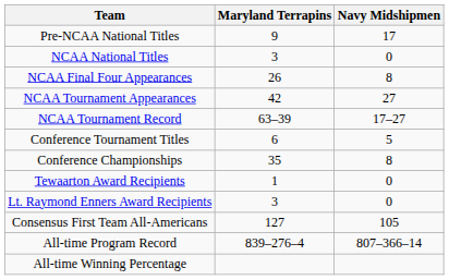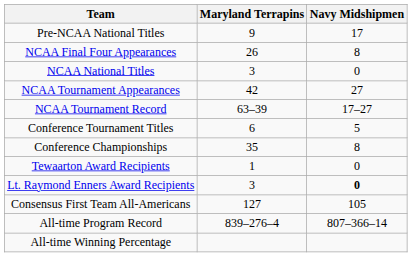 <table class="wikitable" style="text-align:center;">
 <tr>
 <th>Team</th>
 <th>Maryland Terrapins</th>
 <th>Navy Midshipmen</th>
 </tr>
 <tr>
 <td>Pre-NCAA National Titles</td>
 <td style=>9</td>
 <td>17</td>
 </tr>
 <tr>
+<td><a href='#'>NCAA Final Four Appearances</a></td>
+<td>26</td>
+<td>8</td>
+</tr>
+<tr>
 <td><a href='#'>NCAA National Titles</a></td>
 <td style=>3</td>
 <td>0</td>
-</tr>
-<tr>
-<td><a href='#'>NCAA Final Four Appearances</a></td>
-<td>26</td>
-<td>8</td>
 </tr>
 <tr>
 <td><a href='#'>NCAA Tournament Appearances</a></td>
 <td>42</td>
 <td>27</td>
 </tr>
 <tr>
 <td><a href='#'>NCAA Tournament Record</a></td>
 <td>63–39</td>
 <td>17–27</td>
 </tr>
 <tr>
 <td>Conference Tournament Titles</td>
 <td>6</td>
 <td>5</td>
 </tr>
 <tr>
 <td>Conference Championships</td>
 <td>35</td>
 <td>8</td>
 </tr>
 <tr>
 <td><a href='#'>Tewaarton Award Recipients</a></td>
 <td>1</td>
 <td>0</td>
 </tr>
 <tr>
 <td><a href='#'>Lt. Raymond Enners Award Recipients</a></td>
 <td>3</td>
-<td>0</td>
+<td><strong>0</strong></td>
 </tr>
 <tr>
 <td>Consensus First Team All-Americans</td>
 <td>127</td>
 <td>105</td>
 </tr>
 <tr>
 <td>All-time Program Record</td>
 <td>839–276–4</td>
 <td>807–366–14</td>
 </tr>
 <tr>
 <td>All-time Winning Percentage</td>
 <td></td>
 <td></td>
 </tr>
 </table>
